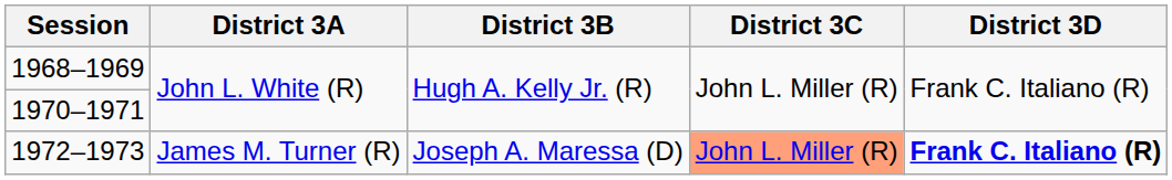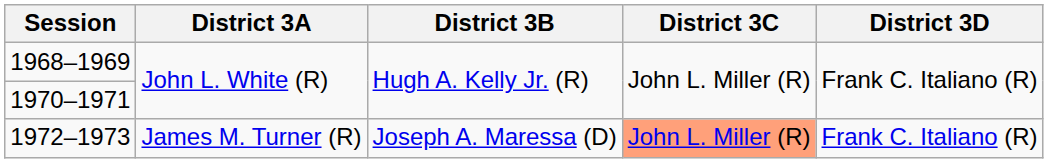 <table class="wikitable">
 <tr>
 <th>Session</th>
 <th>District 3A</th>
 <th>District 3B</th>
 <th>District 3C</th>
 <th>District 3D</th>
 </tr>
 <tr>
 <td>1968–1969</td>
 <td rowspan=2 ><a href='#'>John L. White</a> (R)</td>
 <td rowspan=2 ><a href='#'>Hugh A. Kelly Jr.</a> (R)</td>
 <td rowspan=2 >John L. Miller (R)</td>
 <td rowspan=2 >Frank C. Italiano (R)</td>
 </tr>
 <tr>
 <td>1970–1971</td>
 </tr>
 <tr>
 <td>1972–1973</td>
 <td><a href='#'>James M. Turner</a> (R)</td>
 <td><a href='#'>Joseph A. Maressa</a> (D)</td>
 <td style="background: lightsalmon;"><a href='#'>John L. Miller</a> (R)</td>
-<td><strong><a href='#'>Frank C. Italiano</a> (R)</strong></td>
+<td><a href='#'>Frank C. Italiano</a> (R)</td>
 </tr>
 </table>
